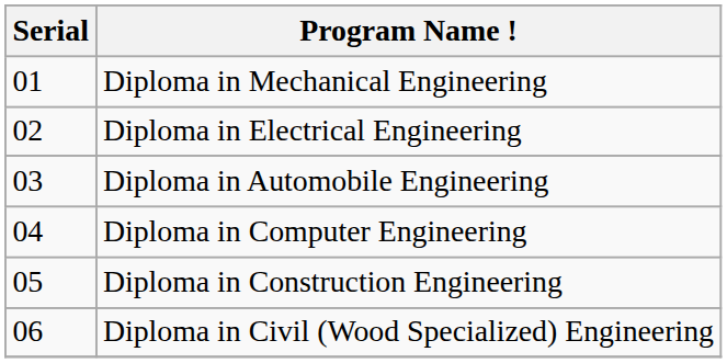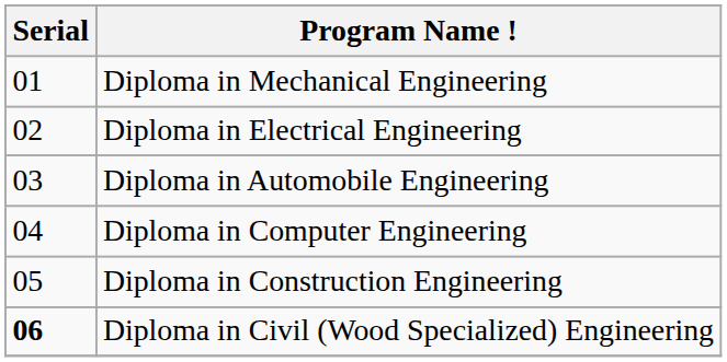 <table class="wikitable sortable" style="font-size:90%">
 <tr>
 <th>Serial</th>
 <th>Program Name !</th>
 </tr>
 <tr l>
 <td>01</td>
 <td>Diploma in Mechanical Engineering</td>
 </tr>
 <tr>
 <td>02</td>
 <td>Diploma in Electrical Engineering</td>
 </tr>
 <tr>
 <td>03</td>
 <td>Diploma in Automobile Engineering</td>
 </tr>
 <tr>
 <td>04</td>
 <td>Diploma in Computer Engineering</td>
 </tr>
 <tr>
 <td>05</td>
 <td>Diploma in Construction Engineering</td>
 </tr>
 <tr>
-<td>06</td>
+<td><strong>06</strong></td>
 <td>Diploma in Civil (Wood Specialized) Engineering</td>
 </tr>
 <tr>
 </tr>
 </table>
